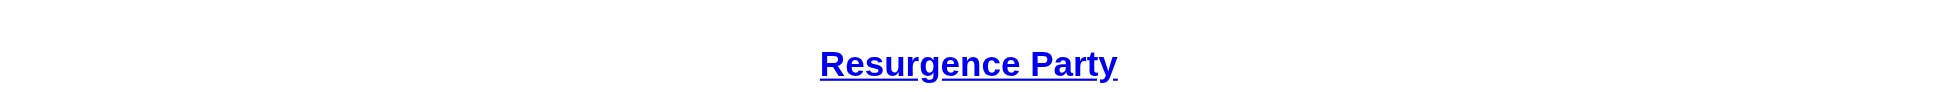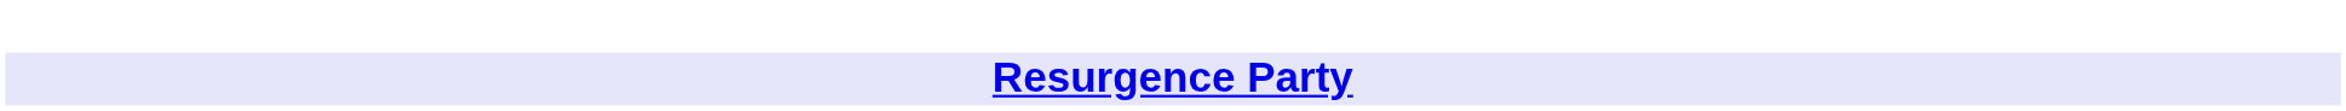 <table style="width:70%; text-align:center;">
 <tr style="color:white;">
 <td style="background:"><strong>60</strong></td>
 </tr>
 <tr>
-<td><strong><a href='#'>Resurgence Party</a></strong></td>
+<td style="background: lavender;"><strong><a href='#'>Resurgence Party</a></strong></td>
 </tr>
 </table>
